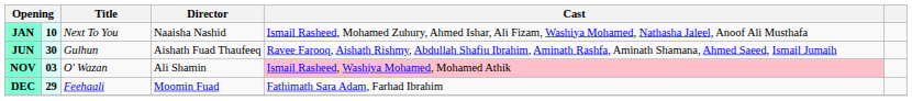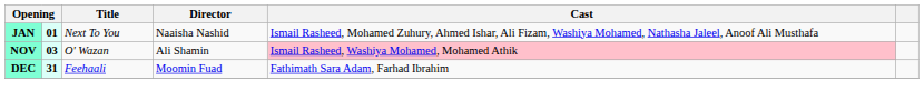 <table class="wikitable plainrowheaders" width="100%">
 <tr>
 <th scope="col" colspan="2" width=4%>Opening</th>
 <th scope="col" width=8%>Title</th>
 <th scope="col" width=10%>Director</th>
 <th scope="col" width=55%>Cast</th>
 <th scope="col" width=2%></th>
 </tr>
 <tr>
 <td style="text-align:center; background:#7FFFD4; textcolor:#000;"><strong>JAN</strong></td>
-<td style="text-align:center; background:#dbfff8;"><strong>10</strong></td>
+<td style="text-align:center; background:#dbfff8;"><strong>01</strong></td>
 <td><em>Next To You</em></td>
 <td>Naaisha Nashid</td>
 <td><a href='#'>Ismail Rasheed</a>, Mohamed Zuhury, Ahmed Ishar, Ali Fizam, <a href='#'>Washiya Mohamed</a>, <a href='#'>Nathasha Jaleel</a>, Anoof Ali Musthafa</td>
-<td style="text-align:center;"></td>
-</tr>
-<tr>
-<td style="text-align:center; background:#7FFFD4; textcolor:#000;"><strong>JUN</strong></td>
-<td style="text-align:center; textcolor:#000; background:#dbfff8;"><strong>30</strong></td>
-<td><em>Gulhun</em></td>
-<td>Aishath Fuad Thaufeeq</td>
-<td><a href='#'>Ravee Farooq</a>, <a href='#'>Aishath Rishmy</a>, <a href='#'>Abdullah Shafiu Ibrahim</a>, <a href='#'>Aminath Rashfa</a>, Aminath Shamana, <a href='#'>Ahmed Saeed</a>, <a href='#'>Ismail Jumaih</a></td>
 <td style="text-align:center;"></td>
 </tr>
 <tr>
 <td style="text-align:center; background:#7FFFD4; textcolor:#000;"><strong>NOV</strong></td>
 <td style="text-align:center; textcolor:#000; background:#dbfff8;"><strong>03</strong></td>
 <td><em>O' Wazan</em></td>
 <td>Ali Shamin</td>
 <td style="background: pink;"><a href='#'>Ismail Rasheed</a>, <a href='#'>Washiya Mohamed</a>, Mohamed Athik</td>
 <td style="text-align:center;"></td>
 </tr>
 <tr>
 <td style="text-align:center; background:#7FFFD4; textcolor:#000;"><strong>DEC</strong></td>
-<td style="text-align:center; textcolor:#000; background:#dbfff8;"><strong>29</strong></td>
+<td style="text-align:center; textcolor:#000; background:#dbfff8;"><strong>31</strong></td>
 <td><em><a href='#'>Feehaali</a></em></td>
 <td><a href='#'>Moomin Fuad</a></td>
 <td><a href='#'>Fathimath Sara Adam</a>, Farhad Ibrahim</td>
 <td style="text-align:center;"></td>
 </tr>
 <tr>
 </tr>
 </table>
